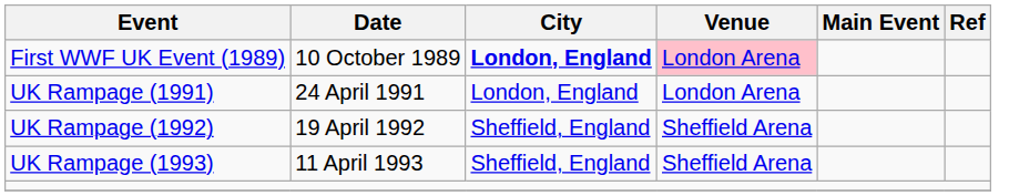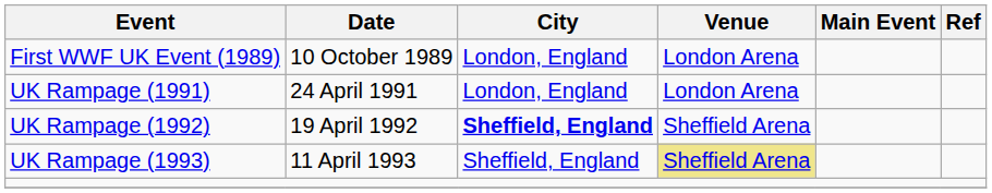 <table class="wikitable" align="center">
 <tr>
 <th>Event</th>
 <th>Date</th>
 <th>City</th>
 <th>Venue</th>
 <th>Main Event</th>
 <th>Ref</th>
 </tr>
 <tr>
 <td><a href='#'>First WWF UK Event (1989)</a></td>
 <td>10 October 1989</td>
-<td><strong><a href='#'>London, England</a></strong></td>
-<td style="background: pink;"><a href='#'>London Arena</a></td>
+<td><a href='#'>London, England</a></td>
+<td><a href='#'>London Arena</a></td>
 <td></td>
 <td></td>
 </tr>
 <tr>
 <td><a href='#'>UK Rampage (1991)</a></td>
 <td>24 April 1991</td>
 <td><a href='#'>London, England</a></td>
 <td><a href='#'>London Arena</a></td>
 <td></td>
 <td></td>
 </tr>
 <tr>
 <td><a href='#'>UK Rampage (1992)</a></td>
 <td>19 April 1992</td>
-<td><a href='#'>Sheffield, England</a></td>
+<td><strong><a href='#'>Sheffield, England</a></strong></td>
 <td><a href='#'>Sheffield Arena</a></td>
 <td></td>
 <td></td>
 </tr>
 <tr>
 <td><a href='#'>UK Rampage (1993)</a></td>
 <td>11 April 1993</td>
 <td><a href='#'>Sheffield, England</a></td>
-<td><a href='#'>Sheffield Arena</a></td>
+<td style="background: khaki;"><a href='#'>Sheffield Arena</a></td>
 <td></td>
 <td></td>
 </tr>
 <tr>
 <td colspan="10"></td>
 </tr>
 <tr>
 </tr>
 </table>
